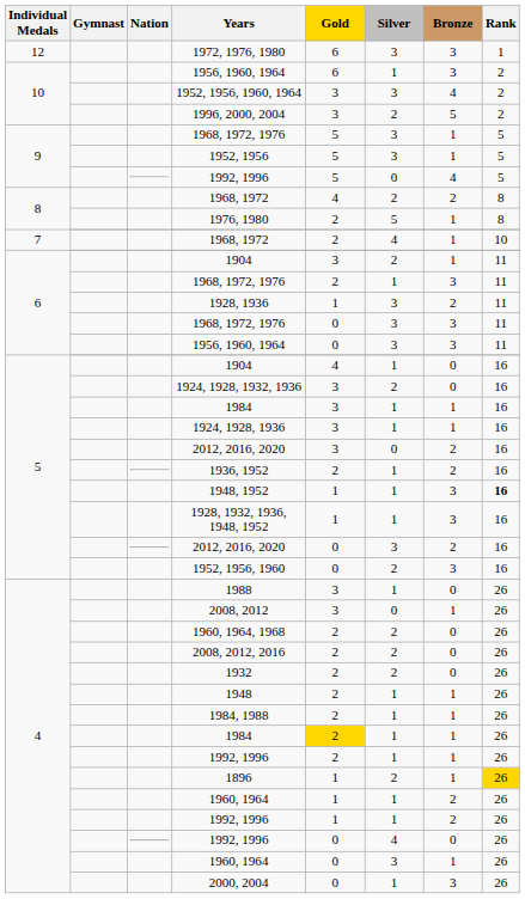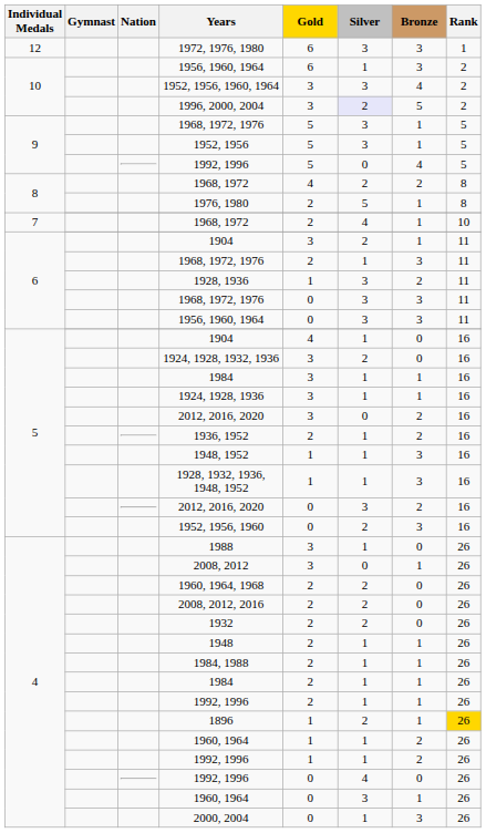 <table class="wikitable sortable" width=100% style="text-align:center;">
 <tr>
 <th style="width:4.0em;">Individual Medals</th>
 <th>Gymnast</th>
 <th>Nation</th>
 <th>Years</th>
 <th style="background-color:gold; width:4.0em; font-weight:bold;">Gold</th>
 <th style="background-color:silver; width:4.0em; font-weight:bold;">Silver</th>
 <th style="background-color:#cc9966; width:4.0em; font-weight:bold;">Bronze</th>
 <th>Rank</th>
 </tr>
 <tr>
 <td>12</td>
 <td align=left></td>
 <td align=left></td>
 <td>1972, 1976, 1980</td>
 <td>6</td>
 <td>3</td>
 <td>3</td>
 <td>1</td>
 </tr>
 <tr>
 <td rowspan=3>10</td>
 <td align=left></td>
 <td align=left></td>
 <td>1956, 1960, 1964</td>
 <td>6</td>
 <td>1</td>
 <td>3</td>
 <td>2</td>
 </tr>
 <tr>
 <td align=left></td>
 <td align=left></td>
 <td>1952, 1956, 1960, 1964</td>
 <td>3</td>
 <td>3</td>
 <td>4</td>
 <td>2</td>
 </tr>
 <tr>
 <td align=left></td>
 <td align=left></td>
 <td>1996, 2000, 2004</td>
 <td>3</td>
-<td>2</td>
+<td style="background: lavender;">2</td>
 <td>5</td>
 <td>2</td>
 </tr>
 <tr>
 <td rowspan=3>9</td>
 <td align=left></td>
 <td align=left></td>
 <td>1968, 1972, 1976</td>
 <td>5</td>
 <td>3</td>
 <td>1</td>
 <td>5</td>
 </tr>
 <tr>
 <td align=left></td>
 <td align=left></td>
 <td>1952, 1956</td>
 <td>5</td>
 <td>3</td>
 <td>1</td>
 <td>5</td>
 </tr>
 <tr>
 <td align=left></td>
 <td align=left><hr></td>
 <td>1992, 1996</td>
 <td>5</td>
 <td>0</td>
 <td>4</td>
 <td>5</td>
 </tr>
 <tr>
 <td rowspan=2>8</td>
 <td align=left></td>
 <td align=left></td>
 <td>1968, 1972</td>
 <td>4</td>
 <td>2</td>
 <td>2</td>
 <td>8</td>
 </tr>
 <tr>
 <td align=left></td>
 <td align=left></td>
 <td>1976, 1980</td>
 <td>2</td>
 <td>5</td>
 <td>1</td>
 <td>8</td>
 </tr>
 <tr>
 <td rowspan=2>7</td>
 </tr>
 <tr>
 <td align=left></td>
 <td align=left></td>
 <td>1968, 1972</td>
 <td>2</td>
 <td>4</td>
 <td>1</td>
 <td>10</td>
 </tr>
 <tr>
 <td rowspan=6>6</td>
 </tr>
 <tr>
 <td align=left></td>
 <td align=left></td>
 <td>1904</td>
 <td>3</td>
 <td>2</td>
 <td>1</td>
 <td>11</td>
 </tr>
 <tr>
 <td align=left></td>
 <td align=left></td>
 <td>1968, 1972, 1976</td>
 <td>2</td>
 <td>1</td>
 <td>3</td>
 <td>11</td>
 </tr>
 <tr>
 <td align=left></td>
 <td align=left></td>
 <td>1928, 1936</td>
 <td>1</td>
 <td>3</td>
 <td>2</td>
 <td>11</td>
 </tr>
 <tr>
 <td align=left></td>
 <td align=left></td>
 <td>1968, 1972, 1976</td>
 <td>0</td>
 <td>3</td>
 <td>3</td>
 <td>11</td>
 </tr>
 <tr>
 <td align=left></td>
 <td align=left></td>
 <td>1956, 1960, 1964</td>
 <td>0</td>
 <td>3</td>
 <td>3</td>
 <td>11</td>
 </tr>
 <tr>
 <td rowspan=11>5</td>
 </tr>
 <tr>
 <td align=left></td>
 <td align=left></td>
 <td>1904</td>
 <td>4</td>
 <td>1</td>
 <td>0</td>
 <td>16</td>
 </tr>
 <tr>
 <td align=left></td>
 <td align=left></td>
 <td>1924, 1928, 1932, 1936</td>
 <td>3</td>
 <td>2</td>
 <td>0</td>
 <td>16</td>
 </tr>
 <tr>
 <td align=left></td>
 <td align=left></td>
 <td>1984</td>
 <td>3</td>
 <td>1</td>
 <td>1</td>
 <td>16</td>
 </tr>
 <tr>
 <td align=left></td>
 <td align=left></td>
 <td>1924, 1928, 1936</td>
 <td>3</td>
 <td>1</td>
 <td>1</td>
 <td>16</td>
 </tr>
 <tr>
 <td align=left></td>
 <td align=left></td>
 <td>2012, 2016, 2020</td>
 <td>3</td>
 <td>0</td>
 <td>2</td>
 <td>16</td>
 </tr>
 <tr>
 <td align=left></td>
 <td align=left><hr></td>
 <td>1936, 1952</td>
 <td>2</td>
 <td>1</td>
 <td>2</td>
 <td>16</td>
 </tr>
 <tr>
 <td align=left></td>
 <td align=left></td>
 <td>1948, 1952</td>
 <td>1</td>
 <td>1</td>
 <td>3</td>
-<td><strong>16</strong></td>
+<td>16</td>
 </tr>
 <tr>
 <td align=left></td>
 <td align=left></td>
 <td>1928, 1932, 1936, 1948, 1952</td>
 <td>1</td>
 <td>1</td>
 <td>3</td>
 <td>16</td>
 </tr>
 <tr>
 <td align=left></td>
 <td align=left><hr></td>
 <td>2012, 2016, 2020</td>
 <td>0</td>
 <td>3</td>
 <td>2</td>
 <td>16</td>
 </tr>
 <tr>
 <td align=left></td>
 <td align=left></td>
 <td>1952, 1956, 1960</td>
 <td>0</td>
 <td>2</td>
 <td>3</td>
 <td>16</td>
 </tr>
 <tr>
 <td rowspan=15>4</td>
 <td align=left></td>
 <td align=left></td>
 <td>1988</td>
 <td>3</td>
 <td>1</td>
 <td>0</td>
 <td>26</td>
 </tr>
 <tr>
 <td align=left></td>
 <td align=left></td>
 <td>2008, 2012</td>
 <td>3</td>
 <td>0</td>
 <td>1</td>
 <td>26</td>
 </tr>
 <tr>
 <td align=left></td>
 <td align=left></td>
 <td>1960, 1964, 1968</td>
 <td>2</td>
 <td>2</td>
 <td>0</td>
 <td>26</td>
 </tr>
 <tr>
 <td align=left></td>
 <td align=left></td>
 <td>2008, 2012, 2016</td>
 <td>2</td>
 <td>2</td>
 <td>0</td>
 <td>26</td>
 </tr>
 <tr>
 <td align=left></td>
 <td align=left></td>
 <td>1932</td>
 <td>2</td>
 <td>2</td>
 <td>0</td>
 <td>26</td>
 </tr>
 <tr>
 <td align=left></td>
 <td align=left></td>
 <td>1948</td>
 <td>2</td>
 <td>1</td>
 <td>1</td>
 <td>26</td>
 </tr>
 <tr>
 <td align=left></td>
 <td align=left></td>
 <td>1984, 1988</td>
 <td>2</td>
 <td>1</td>
 <td>1</td>
 <td>26</td>
 </tr>
 <tr>
 <td align=left></td>
 <td align=left></td>
 <td>1984</td>
-<td style="background: gold;">2</td>
+<td>2</td>
 <td>1</td>
 <td>1</td>
 <td>26</td>
 </tr>
 <tr>
 <td align=left></td>
 <td align=left></td>
 <td>1992, 1996</td>
 <td>2</td>
 <td>1</td>
 <td>1</td>
 <td>26</td>
 </tr>
 <tr>
 <td align=left></td>
 <td align=left></td>
 <td>1896</td>
 <td>1</td>
 <td>2</td>
 <td>1</td>
 <td style="background: gold;">26</td>
 </tr>
 <tr>
 <td align=left></td>
 <td align=left></td>
 <td>1960, 1964</td>
 <td>1</td>
 <td>1</td>
 <td>2</td>
 <td>26</td>
 </tr>
 <tr>
 <td align=left></td>
 <td align=left></td>
 <td>1992, 1996</td>
 <td>1</td>
 <td>1</td>
 <td>2</td>
 <td>26</td>
 </tr>
 <tr>
 <td align=left></td>
 <td align=left><hr></td>
 <td>1992, 1996</td>
 <td>0</td>
 <td>4</td>
 <td>0</td>
 <td>26</td>
 </tr>
 <tr>
 <td align=left></td>
 <td align=left></td>
 <td>1960, 1964</td>
 <td>0</td>
 <td>3</td>
 <td>1</td>
 <td>26</td>
 </tr>
 <tr>
 <td align=left></td>
 <td align=left></td>
 <td>2000, 2004</td>
 <td>0</td>
 <td>1</td>
 <td>3</td>
 <td>26</td>
 </tr>
 </table>
